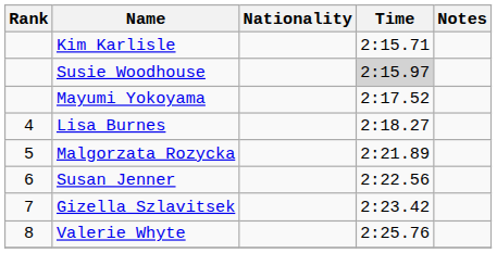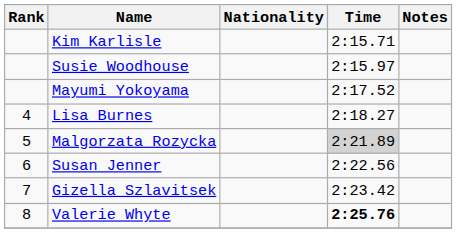 <table class="wikitable sortable" style="text-align:center">
 <tr>
 <th>Rank</th>
 <th>Name</th>
 <th>Nationality</th>
 <th>Time</th>
 <th>Notes</th>
 </tr>
 <tr>
 <td></td>
 <td align="left"><a href='#'>Kim Karlisle</a></td>
 <td align="left"></td>
 <td>2:15.71</td>
 <td></td>
 </tr>
 <tr>
 <td></td>
 <td align="left"><a href='#'>Susie Woodhouse</a></td>
 <td align="left"></td>
-<td style="background: lightgrey;">2:15.97</td>
+<td>2:15.97</td>
 <td></td>
 </tr>
 <tr>
 <td></td>
 <td align="left"><a href='#'>Mayumi Yokoyama</a></td>
 <td align="left"></td>
 <td>2:17.52</td>
 <td></td>
 </tr>
 <tr>
 <td>4</td>
 <td align="left"><a href='#'>Lisa Burnes</a></td>
 <td align="left"></td>
 <td>2:18.27</td>
 <td></td>
 </tr>
 <tr>
 <td>5</td>
 <td align="left"><a href='#'>Malgorzata Rozycka</a></td>
 <td align="left"></td>
-<td>2:21.89</td>
+<td style="background: lightgrey;">2:21.89</td>
 <td></td>
 </tr>
 <tr>
 <td>6</td>
 <td align="left"><a href='#'>Susan Jenner</a></td>
 <td align="left"></td>
 <td>2:22.56</td>
 <td></td>
 </tr>
 <tr>
 <td>7</td>
 <td align="left"><a href='#'>Gizella Szlavitsek</a></td>
 <td align="left"></td>
 <td>2:23.42</td>
 <td></td>
 </tr>
 <tr>
 <td>8</td>
 <td align="left"><a href='#'>Valerie Whyte</a></td>
 <td align="left"></td>
-<td>2:25.76</td>
+<td><strong>2:25.76</strong></td>
 <td></td>
 </tr>
 <tr>
 </tr>
 </table>
